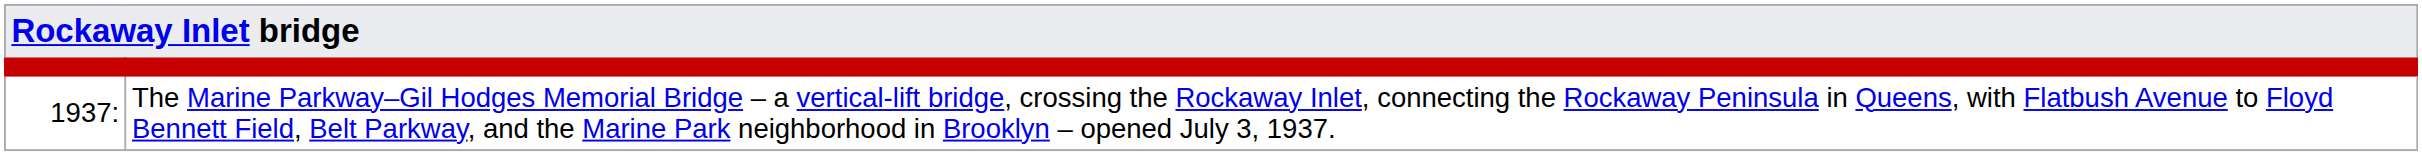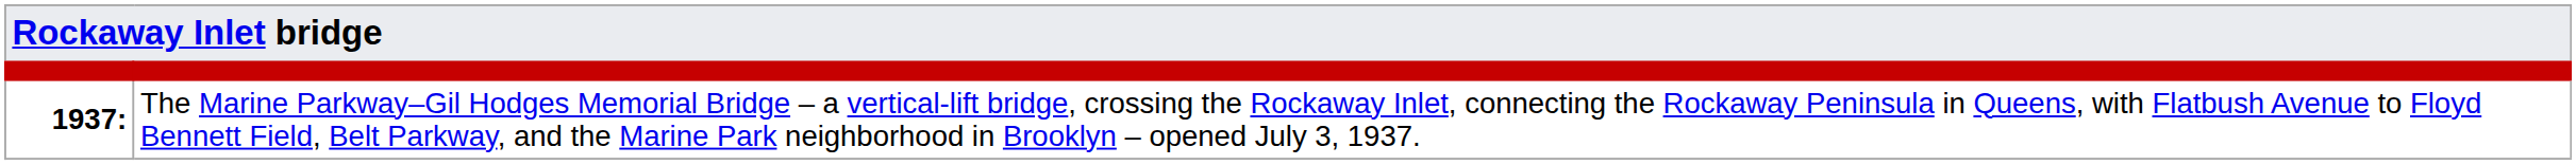 <table class="wikitable sortable static-row-numbers"; cellpadding="1" style="color: black; background-color: #FFFFFF; font-size: 90%; width:100%">
 <tr class="static-row-header" style="text-align:center;vertical-align:bottom;">
 <th style="text-align:left; background:#eaecf0; border-style: solid; border-width: 0px 0px 0px 0px" colspan=2><big><strong><a href='#'>Rockaway Inlet</a> bridge</strong></big></th>
 </tr>
 <tr style="border-style: solid; border-color: #c60001; border-width: 10px 0px 0px 0px;">
-<td width="5%" style="text-align:right">1937:</td>
+<td width="5%" style="text-align:right"><strong>1937:</strong></td>
 <td width="95%" style="text-align:left; border: 1px darkgray; border-style: none none solid none;">The <a href='#'>Marine Parkway–Gil Hodges Memorial Bridge</a> – a <a href='#'>vertical-lift bridge</a>, crossing the <a href='#'>Rockaway Inlet</a>, connecting the <a href='#'>Rockaway Peninsula</a> in <a href='#'>Queens</a>, with <a href='#'>Flatbush Avenue</a> to <a href='#'>Floyd Bennett Field</a>, <a href='#'>Belt Parkway</a>, and the <a href='#'>Marine Park</a> neighborhood in <a href='#'>Brooklyn</a> – opened July 3, 1937.</td>
 </tr>
 </table>
